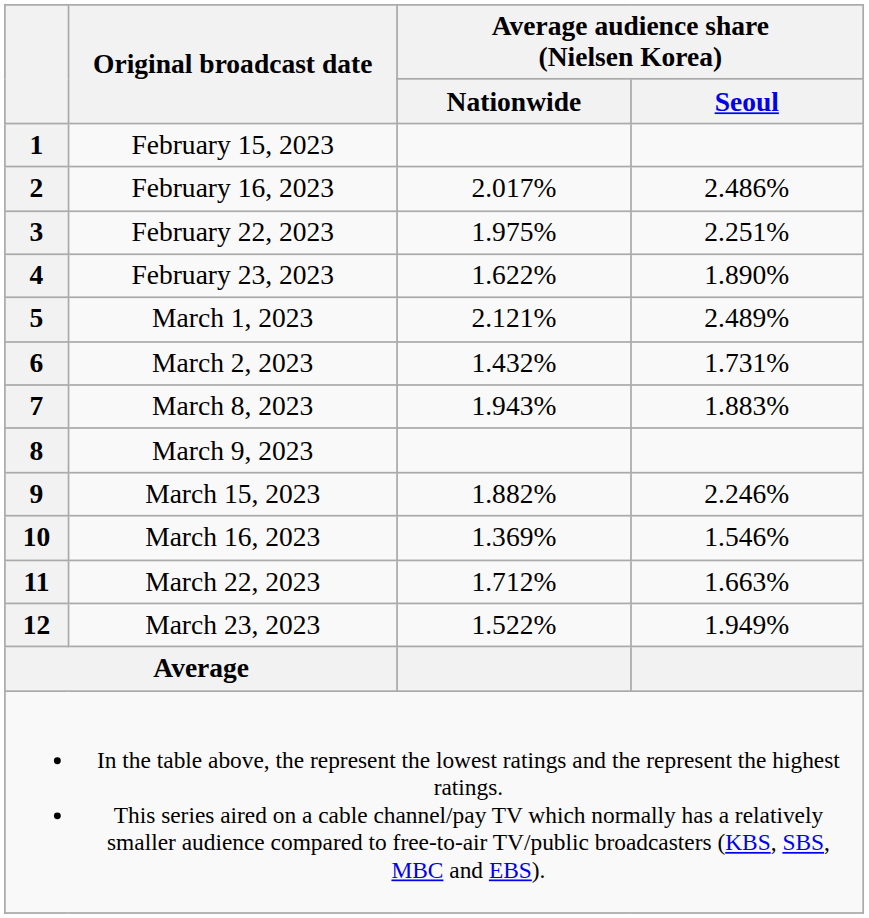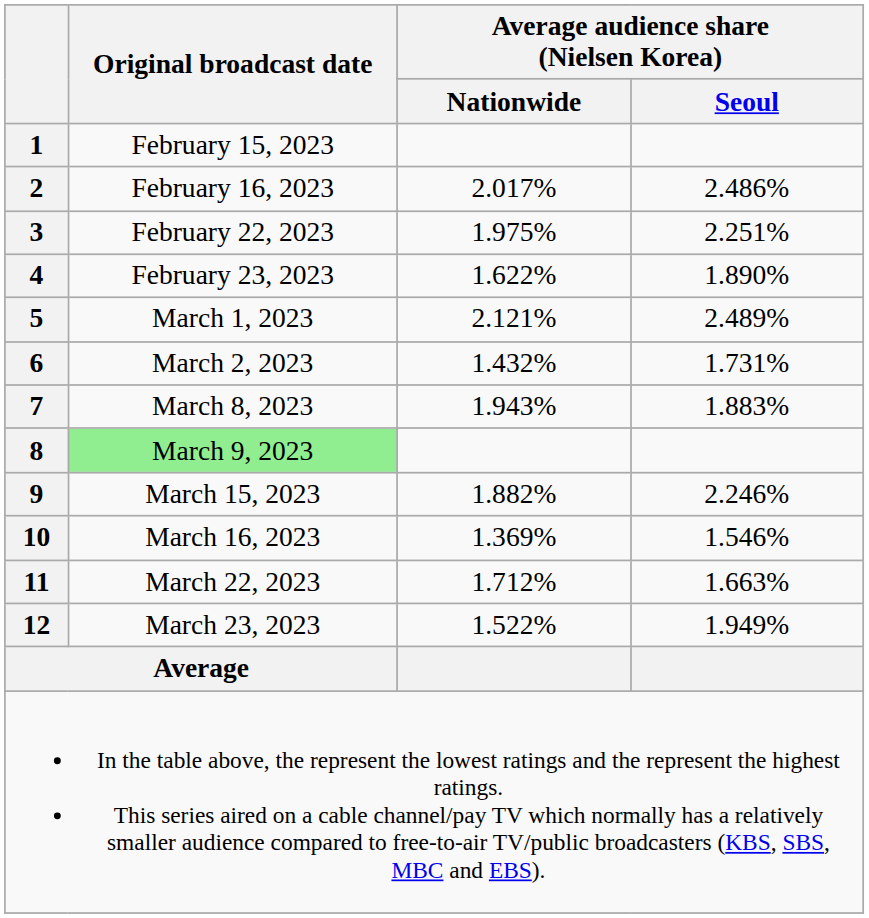 <table class="wikitable" style="margin-left:auto; margin-right:auto; width:500px; text-align:center">
 <tr>
 <th scope="col" rowspan="2"></th>
 <th scope="col" rowspan="2">Original broadcast date</th>
 <th scope="col" colspan="2">Average audience share<br>(Nielsen Korea)</th>
 </tr>
 <tr>
 <th scope="col" style="width:8em">Nationwide</th>
 <th scope="col" style="width:8em"><a href='#'>Seoul</a></th>
 </tr>
 <tr>
 <th scope="col">1</th>
 <td>February 15, 2023</td>
 <td><strong></strong> </td>
 <td><strong></strong> </td>
 </tr>
 <tr>
 <th scope="col">2</th>
 <td>February 16, 2023</td>
 <td>2.017% </td>
 <td>2.486% </td>
 </tr>
 <tr>
 <th scope="col">3</th>
 <td>February 22, 2023</td>
 <td>1.975% </td>
 <td>2.251% </td>
 </tr>
 <tr>
 <th scope="col">4</th>
 <td>February 23, 2023</td>
 <td>1.622% </td>
 <td>1.890% </td>
 </tr>
 <tr>
 <th scope="col">5</th>
 <td>March 1, 2023</td>
 <td>2.121% </td>
 <td>2.489% </td>
 </tr>
 <tr>
 <th scope="col">6</th>
 <td>March 2, 2023</td>
 <td>1.432% </td>
 <td>1.731% </td>
 </tr>
 <tr>
 <th scope="col">7</th>
 <td>March 8, 2023</td>
 <td>1.943% </td>
 <td>1.883% </td>
 </tr>
 <tr>
 <th scope="col">8</th>
-<td>March 9, 2023</td>
+<td style="background: lightgreen;">March 9, 2023</td>
 <td><strong></strong> </td>
 <td><strong></strong> </td>
 </tr>
 <tr>
 <th scope="col">9</th>
 <td>March 15, 2023</td>
 <td>1.882% </td>
 <td>2.246% </td>
 </tr>
 <tr>
 <th scope="col">10</th>
 <td>March 16, 2023</td>
 <td>1.369% </td>
 <td>1.546% </td>
 </tr>
 <tr>
 <th scope="col">11</th>
 <td>March 22, 2023</td>
 <td>1.712% </td>
 <td>1.663% </td>
 </tr>
 <tr>
 <th scope="col">12</th>
 <td>March 23, 2023</td>
 <td>1.522% </td>
 <td>1.949% </td>
 </tr>
 <tr>
 <th colspan="2">Average</th>
 <th></th>
 <th></th>
 </tr>
 <tr>
 <td colspan="4" style="font-size:85%"><br><ul><li>In the table above, the <strong></strong> represent the lowest ratings and the <strong></strong> represent the highest ratings.</li><li>This series aired on a cable channel/pay TV which normally has a relatively smaller audience compared to free-to-air TV/public broadcasters (<a href='#'>KBS</a>, <a href='#'>SBS</a>, <a href='#'>MBC</a> and <a href='#'>EBS</a>).</li></ul></td>
 </tr>
 </table>
